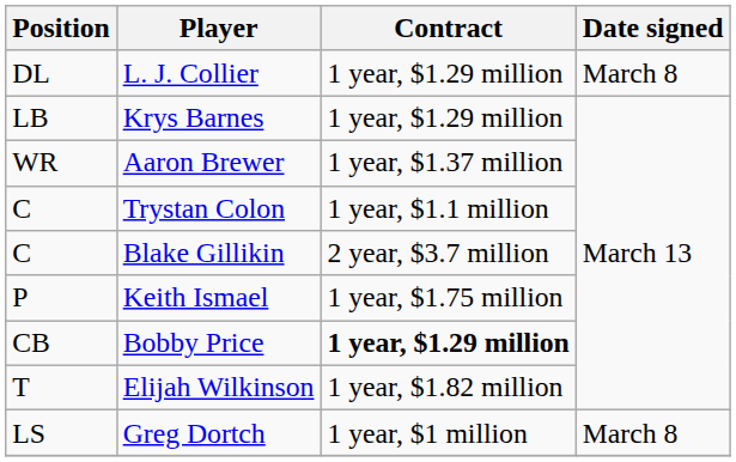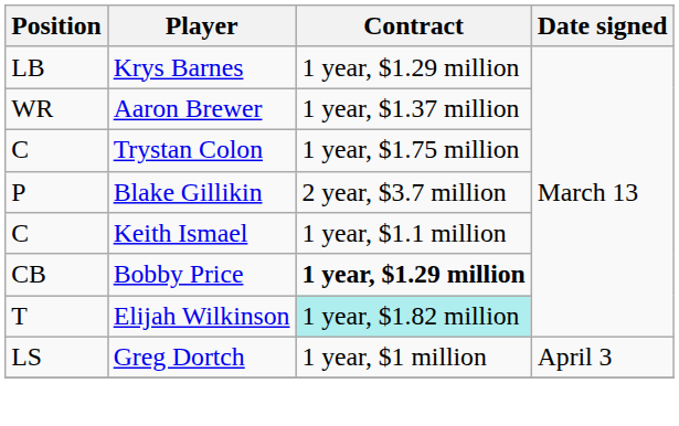 <table class="wikitable">
 <tr>
 <th>Position</th>
 <th>Player</th>
 <th>Contract</th>
 <th>Date signed</th>
-</tr>
-<tr>
-<td>DL</td>
-<td><a href='#'>L. J. Collier</a></td>
-<td>1 year, $1.29 million</td>
-<td>March 8</td>
 </tr>
 <tr>
 <td>LB</td>
 <td><a href='#'>Krys Barnes</a></td>
 <td>1 year, $1.29 million</td>
 <td rowspan="7">March 13</td>
 </tr>
 <tr>
 <td>WR</td>
 <td><a href='#'>Aaron Brewer</a></td>
 <td>1 year, $1.37 million</td>
 </tr>
 <tr>
 <td>C</td>
 <td><a href='#'>Trystan Colon</a></td>
-<td>1 year, $1.1 million</td>
+<td>1 year, $1.75 million</td>
 </tr>
 <tr>
-<td>C</td>
+<td>P</td>
 <td><a href='#'>Blake Gillikin</a></td>
 <td>2 year, $3.7 million</td>
 </tr>
 <tr>
-<td>P</td>
+<td>C</td>
 <td><a href='#'>Keith Ismael</a></td>
-<td>1 year, $1.75 million</td>
+<td>1 year, $1.1 million</td>
 </tr>
 <tr>
 <td>CB</td>
 <td><a href='#'>Bobby Price</a></td>
 <td><strong>1 year, $1.29 million</strong></td>
 </tr>
 <tr>
 <td>T</td>
 <td><a href='#'>Elijah Wilkinson</a></td>
-<td>1 year, $1.82 million</td>
+<td style="background: paleturquoise;">1 year, $1.82 million</td>
 </tr>
 <tr>
 <td>LS</td>
 <td><a href='#'>Greg Dortch</a></td>
 <td>1 year, $1 million</td>
-<td>March 8</td>
+<td>April 3</td>
 </tr>
 <tr>
 </tr>
 </table>
